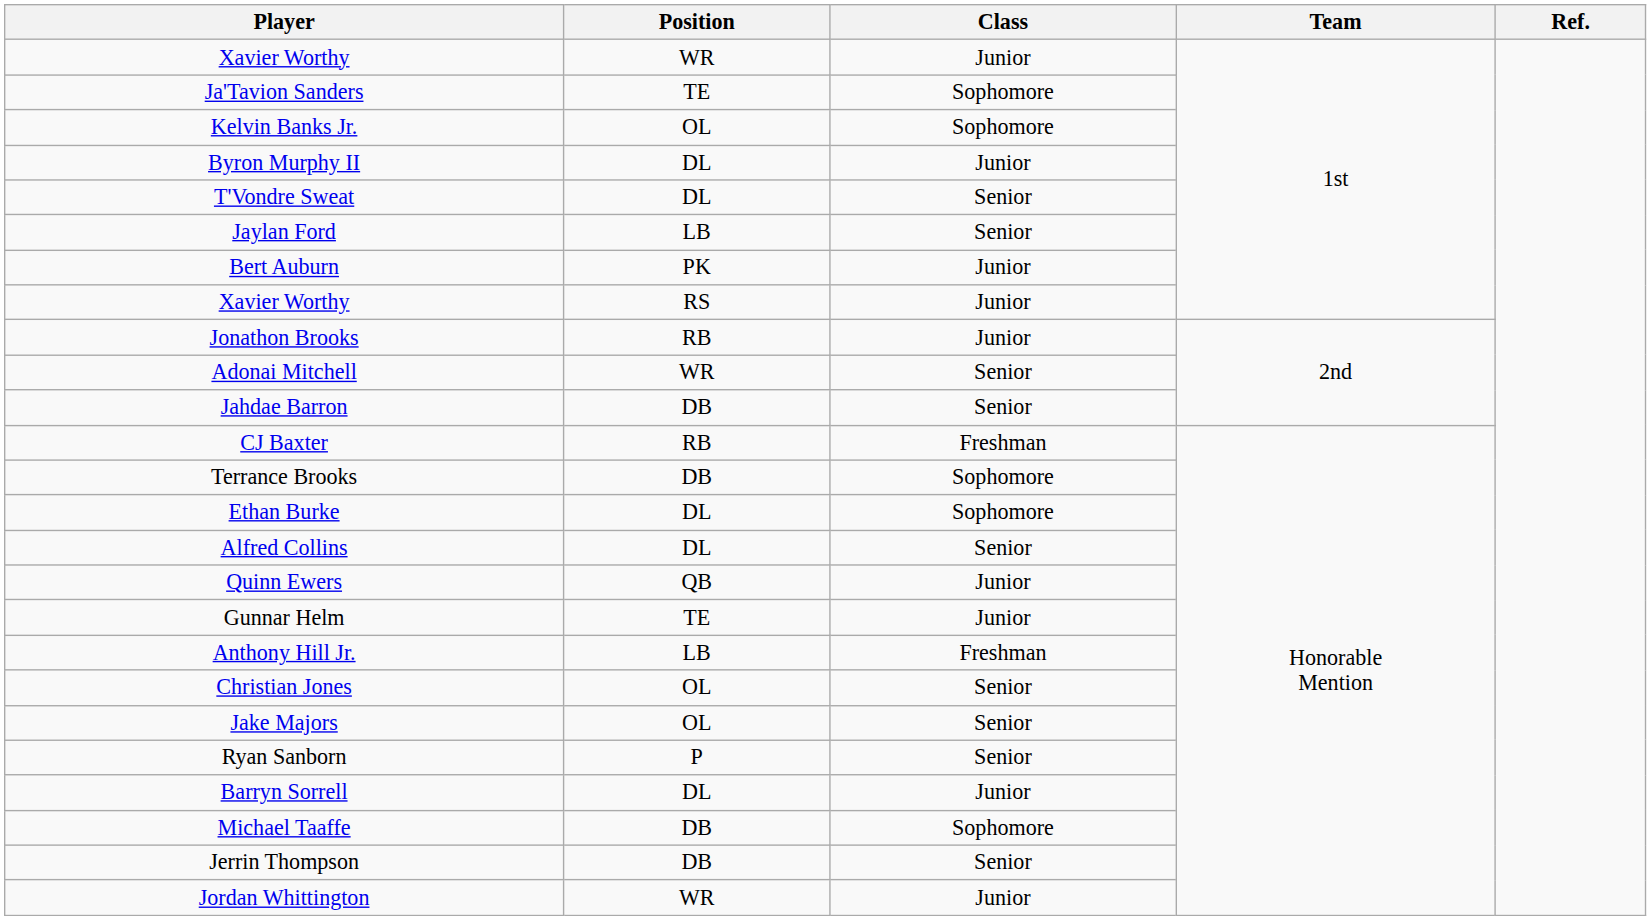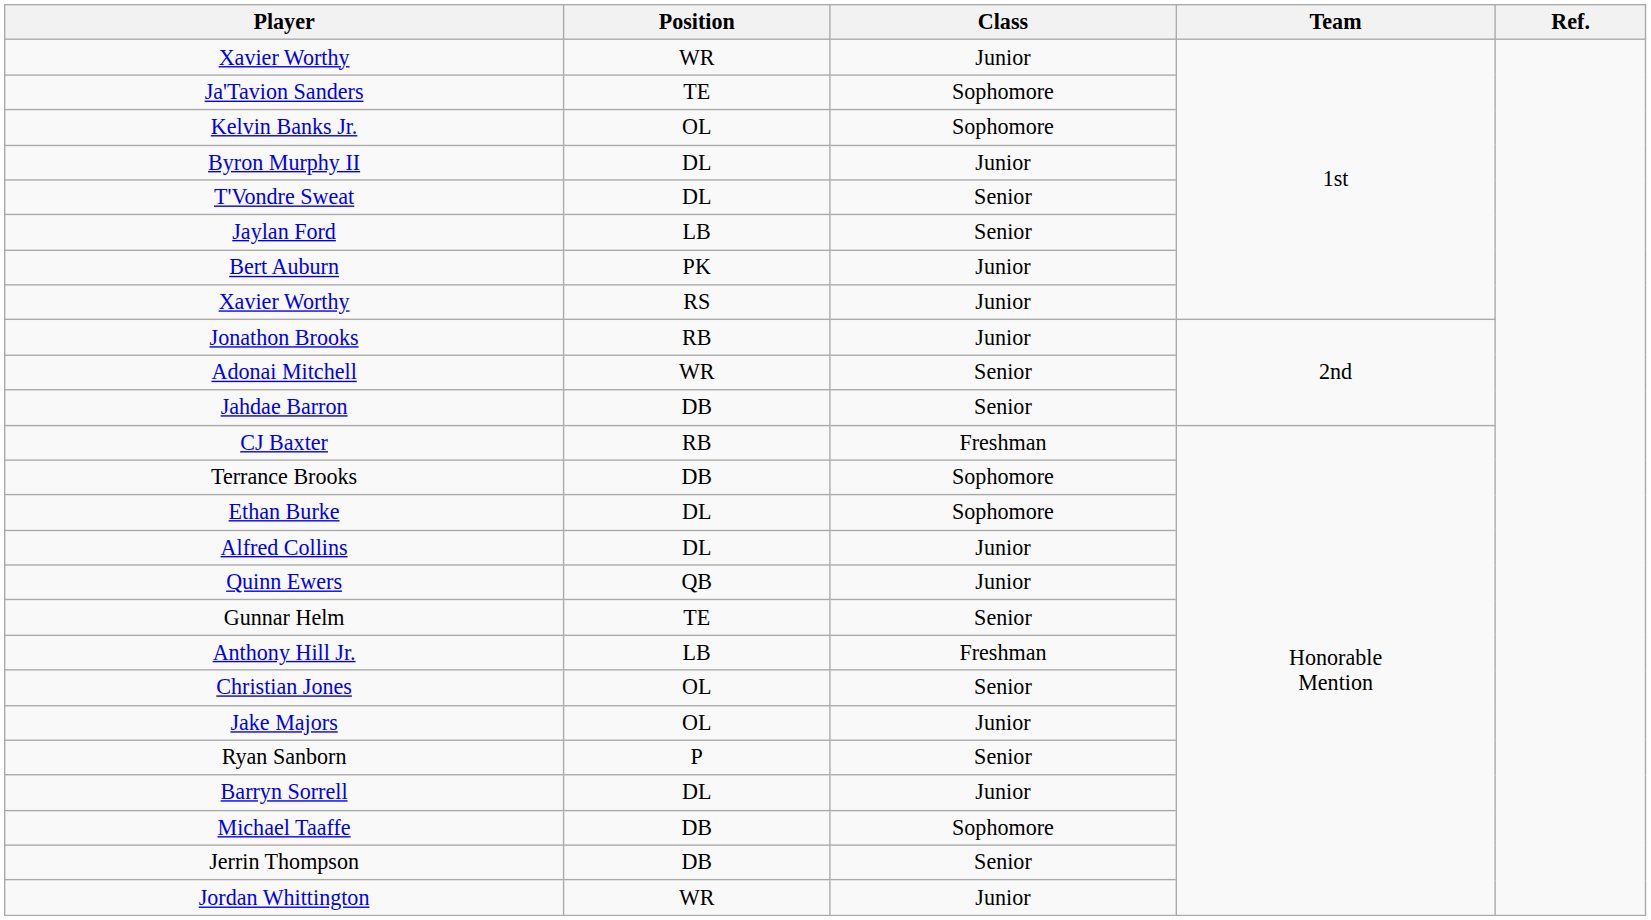 <table class="wikitable" style="width: 60%;text-align: center;">
 <tr>
 <th>Player</th>
 <th>Position</th>
 <th>Class</th>
 <th>Team</th>
 <th>Ref.</th>
 </tr>
 <tr align="center">
 <td><a href='#'>Xavier Worthy</a></td>
 <td>WR</td>
 <td>Junior</td>
 <td rowspan="8">1st</td>
 <td rowspan="25"></td>
 </tr>
 <tr align="center">
 <td><a href='#'>Ja'Tavion Sanders</a></td>
 <td>TE</td>
 <td>Sophomore</td>
 </tr>
 <tr align="center">
 <td><a href='#'>Kelvin Banks Jr.</a></td>
 <td>OL</td>
 <td>Sophomore</td>
 </tr>
 <tr align="center">
 <td><a href='#'>Byron Murphy II</a></td>
 <td>DL</td>
 <td>Junior</td>
 </tr>
 <tr align="center">
 <td><a href='#'>T'Vondre Sweat</a></td>
 <td>DL</td>
 <td>Senior</td>
 </tr>
 <tr align="center">
 <td><a href='#'>Jaylan Ford</a></td>
 <td>LB</td>
 <td>Senior</td>
 </tr>
 <tr align="center">
 <td><a href='#'>Bert Auburn</a></td>
 <td>PK</td>
 <td>Junior</td>
 </tr>
 <tr align="center">
 <td><a href='#'>Xavier Worthy</a></td>
 <td>RS</td>
 <td>Junior</td>
 </tr>
 <tr align="center">
 <td><a href='#'>Jonathon Brooks</a></td>
 <td>RB</td>
 <td>Junior</td>
 <td rowspan="3">2nd</td>
 </tr>
 <tr align="center">
 <td><a href='#'>Adonai Mitchell</a></td>
 <td>WR</td>
 <td>Senior</td>
 </tr>
 <tr align="center">
 <td><a href='#'>Jahdae Barron</a></td>
 <td>DB</td>
 <td>Senior</td>
 </tr>
 <tr align="center">
 <td><a href='#'>CJ Baxter</a></td>
 <td>RB</td>
 <td>Freshman</td>
 <td rowspan="14">Honorable<br>Mention</td>
 </tr>
 <tr align="center">
 <td>Terrance Brooks</td>
 <td>DB</td>
 <td>Sophomore</td>
 </tr>
 <tr align="center">
 <td><a href='#'>Ethan Burke</a></td>
 <td>DL</td>
 <td>Sophomore</td>
 </tr>
 <tr align="center">
 <td><a href='#'>Alfred Collins</a></td>
 <td>DL</td>
-<td>Senior</td>
+<td>Junior</td>
 </tr>
 <tr align="center">
 <td><a href='#'>Quinn Ewers</a></td>
 <td>QB</td>
 <td>Junior</td>
 </tr>
 <tr align="center">
 <td>Gunnar Helm</td>
 <td>TE</td>
-<td>Junior</td>
+<td>Senior</td>
 </tr>
 <tr align="center">
 <td><a href='#'>Anthony Hill Jr.</a></td>
 <td>LB</td>
 <td>Freshman</td>
 </tr>
 <tr align="center">
 <td><a href='#'>Christian Jones</a></td>
 <td>OL</td>
 <td>Senior</td>
 </tr>
 <tr align="center">
 <td><a href='#'>Jake Majors</a></td>
 <td>OL</td>
-<td>Senior</td>
+<td>Junior</td>
 </tr>
 <tr align="center">
 <td>Ryan Sanborn</td>
 <td>P</td>
 <td>Senior</td>
 </tr>
 <tr align="center">
 <td><a href='#'>Barryn Sorrell</a></td>
 <td>DL</td>
 <td>Junior</td>
 </tr>
 <tr align="center">
 <td><a href='#'>Michael Taaffe</a></td>
 <td>DB</td>
 <td>Sophomore</td>
 </tr>
 <tr align="center">
 <td>Jerrin Thompson</td>
 <td>DB</td>
 <td>Senior</td>
 </tr>
 <tr align="center">
 <td><a href='#'>Jordan Whittington</a></td>
 <td>WR</td>
 <td>Junior</td>
 </tr>
 </table>
